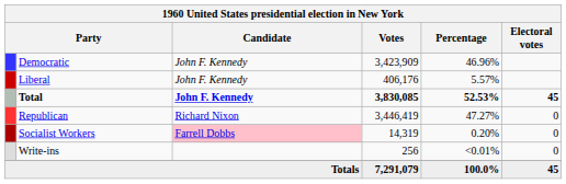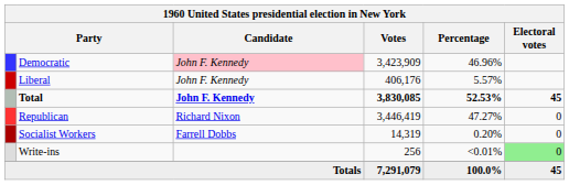 <table class="wikitable" style="font-size: 95%;">
 <tr>
 <th colspan="6">1960 United States presidential election in New York</th>
 </tr>
 <tr>
 <th colspan="2" style="width: 15em">Party</th>
 <th style="width: 17em">Candidate</th>
 <th style="width: 5em">Votes</th>
 <th style="width: 7em">Percentage</th>
 <th style="width: 5em">Electoral votes</th>
 </tr>
 <tr>
 <th style="background-color:#3333FF; width: 3px"></th>
 <td style="width: 130px"><a href='#'>Democratic</a></td>
-<td><em>John F. Kennedy</em></td>
+<td style="background: pink;"><em>John F. Kennedy</em></td>
 <td align="right">3,423,909</td>
 <td align="right">46.96%</td>
 <td align="right"></td>
 </tr>
 <tr>
 <th style="background-color:#CC0000; width: 3px"></th>
 <td style="width: 130px"><a href='#'>Liberal</a></td>
 <td><em>John F. Kennedy</em></td>
 <td align="right">406,176</td>
 <td align="right">5.57%</td>
 <td align="right"></td>
 </tr>
 <tr>
 <th style="background-color:#B2BEB5; width: 3px"></th>
 <td style="width: 130px"><strong>Total</strong></td>
 <td><strong><a href='#'>John F. Kennedy</a></strong></td>
 <td align="right"><strong>3,830,085</strong></td>
 <td align="right"><strong>52.53%</strong></td>
 <td align="right"><strong>45</strong></td>
 </tr>
 <tr>
 <th style="background-color:#FF3333; width: 3px"></th>
 <td style="width: 130px"><a href='#'>Republican</a></td>
 <td><a href='#'>Richard Nixon</a></td>
 <td align="right">3,446,419</td>
 <td align="right">47.27%</td>
 <td align="right">0</td>
 </tr>
 <tr>
 <th style="background-color:#AA0000; width: 3px"></th>
 <td style="width: 130px"><a href='#'>Socialist Workers</a></td>
-<td style="background: pink;"><a href='#'>Farrell Dobbs</a></td>
+<td><a href='#'>Farrell Dobbs</a></td>
 <td align="right">14,319</td>
 <td align="right">0.20%</td>
 <td align="right">0</td>
 </tr>
 <tr>
 <th style="background-color:#DDDDDD; width: 3px"></th>
 <td style="width: 130px">Write-ins</td>
 <td></td>
 <td align="right">256</td>
 <td align="right"><0.01%</td>
-<td align="right">0</td>
+<td align="right" style="background: lightgreen;">0</td>
 </tr>
 <tr>
 </tr>
 <tr bgcolor="#EEEEEE">
 <td colspan="3" align="right"><strong>Totals</strong></td>
 <td align="right"><strong>7,291,079</strong></td>
 <td align="right"><strong>100.0%</strong></td>
 <td align="right"><strong>45</strong></td>
 </tr>
 </table>
